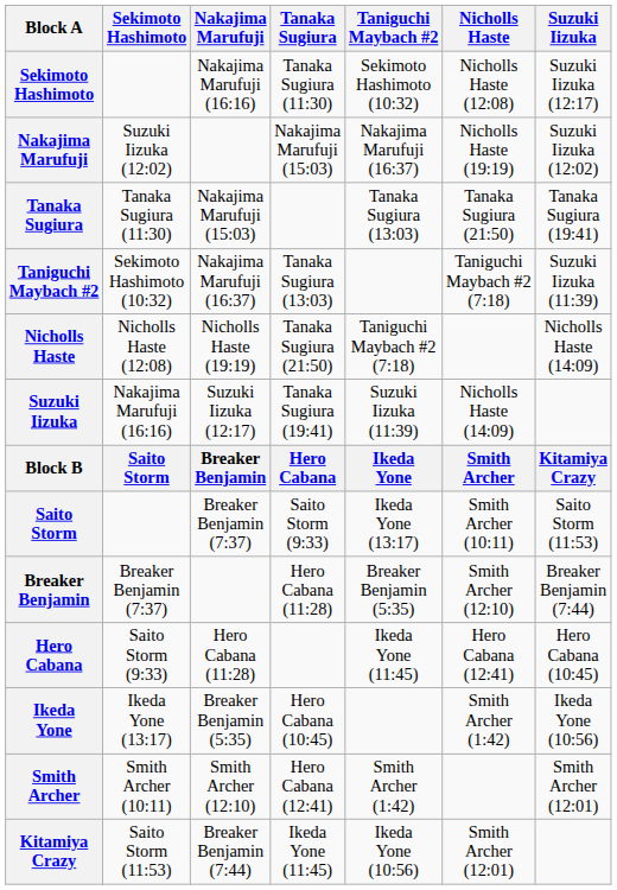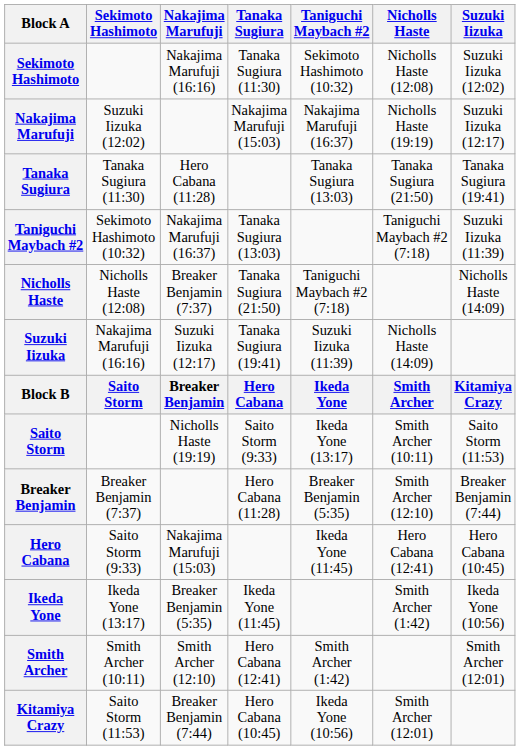 <table class="wikitable" style="margin: 1em auto 1em auto;text-align:center">
 <tr>
 <th>Block A</th>
 <th><a href='#'>Sekimoto</a><br><a href='#'>Hashimoto</a></th>
 <th><a href='#'>Nakajima</a><br><a href='#'>Marufuji</a></th>
 <th><a href='#'>Tanaka</a><br><a href='#'>Sugiura</a></th>
 <th><a href='#'>Taniguchi</a><br><a href='#'>Maybach #2</a></th>
 <th><a href='#'>Nicholls</a><br><a href='#'>Haste</a></th>
 <th><a href='#'>Suzuki</a><br><a href='#'>Iizuka</a></th>
 </tr>
 <tr>
 <th><a href='#'>Sekimoto</a><br><a href='#'>Hashimoto</a></th>
 <td></td>
 <td>Nakajima<br>Marufuji<br>(16:16)</td>
 <td>Tanaka<br>Sugiura<br>(11:30)</td>
 <td>Sekimoto<br>Hashimoto<br>(10:32)</td>
 <td>Nicholls<br>Haste<br>(12:08)</td>
-<td>Suzuki<br>Iizuka<br>(12:17)</td>
+<td>Suzuki<br>Iizuka<br>(12:02)</td>
 </tr>
 <tr>
 <th><a href='#'>Nakajima</a><br><a href='#'>Marufuji</a></th>
 <td>Suzuki<br>Iizuka<br>(12:02)</td>
 <td></td>
 <td>Nakajima<br>Marufuji<br>(15:03)</td>
 <td>Nakajima<br>Marufuji<br>(16:37)</td>
 <td>Nicholls<br>Haste<br>(19:19)</td>
-<td>Suzuki<br>Iizuka<br>(12:02)</td>
+<td>Suzuki<br>Iizuka<br>(12:17)</td>
 </tr>
 <tr>
 <th><a href='#'>Tanaka</a><br><a href='#'>Sugiura</a></th>
 <td>Tanaka<br>Sugiura<br>(11:30)</td>
-<td>Nakajima<br>Marufuji<br>(15:03)</td>
+<td>Hero<br>Cabana<br>(11:28)</td>
 <td></td>
 <td>Tanaka<br>Sugiura<br>(13:03)</td>
 <td>Tanaka<br>Sugiura<br>(21:50)</td>
 <td>Tanaka<br>Sugiura<br>(19:41)</td>
 </tr>
 <tr>
 <th><a href='#'>Taniguchi</a><br><a href='#'>Maybach #2</a></th>
 <td>Sekimoto<br>Hashimoto<br>(10:32)</td>
 <td>Nakajima<br>Marufuji<br>(16:37)</td>
 <td>Tanaka<br>Sugiura<br>(13:03)</td>
 <td></td>
 <td>Taniguchi<br>Maybach #2<br>(7:18)</td>
 <td>Suzuki<br>Iizuka<br>(11:39)</td>
 </tr>
 <tr>
 <th><a href='#'>Nicholls</a><br><a href='#'>Haste</a></th>
 <td>Nicholls<br>Haste<br>(12:08)</td>
-<td>Nicholls<br>Haste<br>(19:19)</td>
+<td>Breaker<br>Benjamin<br>(7:37)</td>
 <td>Tanaka<br>Sugiura<br>(21:50)</td>
 <td>Taniguchi<br>Maybach #2<br>(7:18)</td>
 <td></td>
 <td>Nicholls<br>Haste<br>(14:09)</td>
 </tr>
 <tr>
 <th><a href='#'>Suzuki</a><br><a href='#'>Iizuka</a></th>
 <td>Nakajima<br>Marufuji<br>(16:16)</td>
 <td>Suzuki<br>Iizuka<br>(12:17)</td>
 <td>Tanaka<br>Sugiura<br>(19:41)</td>
 <td>Suzuki<br>Iizuka<br>(11:39)</td>
 <td>Nicholls<br>Haste<br>(14:09)</td>
 <td></td>
 </tr>
 <tr>
 <th>Block B</th>
 <th><a href='#'>Saito</a><br><a href='#'>Storm</a></th>
 <th>Breaker<br><a href='#'>Benjamin</a></th>
 <th><a href='#'>Hero</a><br><a href='#'>Cabana</a></th>
 <th><a href='#'>Ikeda</a><br><a href='#'>Yone</a></th>
 <th><a href='#'>Smith</a><br><a href='#'>Archer</a></th>
 <th><a href='#'>Kitamiya</a><br><a href='#'>Crazy</a></th>
 </tr>
 <tr>
 <th><a href='#'>Saito</a><br><a href='#'>Storm</a></th>
 <td></td>
-<td>Breaker<br>Benjamin<br>(7:37)</td>
+<td>Nicholls<br>Haste<br>(19:19)</td>
 <td>Saito<br>Storm<br>(9:33)</td>
 <td>Ikeda<br>Yone<br>(13:17)</td>
 <td>Smith<br>Archer<br>(10:11)</td>
 <td>Saito<br>Storm<br>(11:53)</td>
 </tr>
 <tr>
 <th>Breaker<br><a href='#'>Benjamin</a></th>
 <td>Breaker<br>Benjamin<br>(7:37)</td>
 <td></td>
 <td>Hero<br>Cabana<br>(11:28)</td>
 <td>Breaker<br>Benjamin<br>(5:35)</td>
 <td>Smith<br>Archer<br>(12:10)</td>
 <td>Breaker<br>Benjamin<br>(7:44)</td>
 </tr>
 <tr>
 <th><a href='#'>Hero</a><br><a href='#'>Cabana</a></th>
 <td>Saito<br>Storm<br>(9:33)</td>
-<td>Hero<br>Cabana<br>(11:28)</td>
+<td>Nakajima<br>Marufuji<br>(15:03)</td>
 <td></td>
 <td>Ikeda<br>Yone<br>(11:45)</td>
 <td>Hero<br>Cabana<br>(12:41)</td>
 <td>Hero<br>Cabana<br>(10:45)</td>
 </tr>
 <tr>
 <th><a href='#'>Ikeda</a><br><a href='#'>Yone</a></th>
 <td>Ikeda<br>Yone<br>(13:17)</td>
 <td>Breaker<br>Benjamin<br>(5:35)</td>
-<td>Hero<br>Cabana<br>(10:45)</td>
+<td>Ikeda<br>Yone<br>(11:45)</td>
 <td></td>
 <td>Smith<br>Archer<br>(1:42)</td>
 <td>Ikeda<br>Yone<br>(10:56)</td>
 </tr>
 <tr>
 <th><a href='#'>Smith</a><br><a href='#'>Archer</a></th>
 <td>Smith<br>Archer<br>(10:11)</td>
 <td>Smith<br>Archer<br>(12:10)</td>
 <td>Hero<br>Cabana<br>(12:41)</td>
 <td>Smith<br>Archer<br>(1:42)</td>
 <td></td>
 <td>Smith<br>Archer<br>(12:01)</td>
 </tr>
 <tr>
 <th><a href='#'>Kitamiya</a><br><a href='#'>Crazy</a></th>
 <td>Saito<br>Storm<br>(11:53)</td>
 <td>Breaker<br>Benjamin<br>(7:44)</td>
-<td>Ikeda<br>Yone<br>(11:45)</td>
+<td>Hero<br>Cabana<br>(10:45)</td>
 <td>Ikeda<br>Yone<br>(10:56)</td>
 <td>Smith<br>Archer<br>(12:01)</td>
 <td></td>
 </tr>
 </table>
